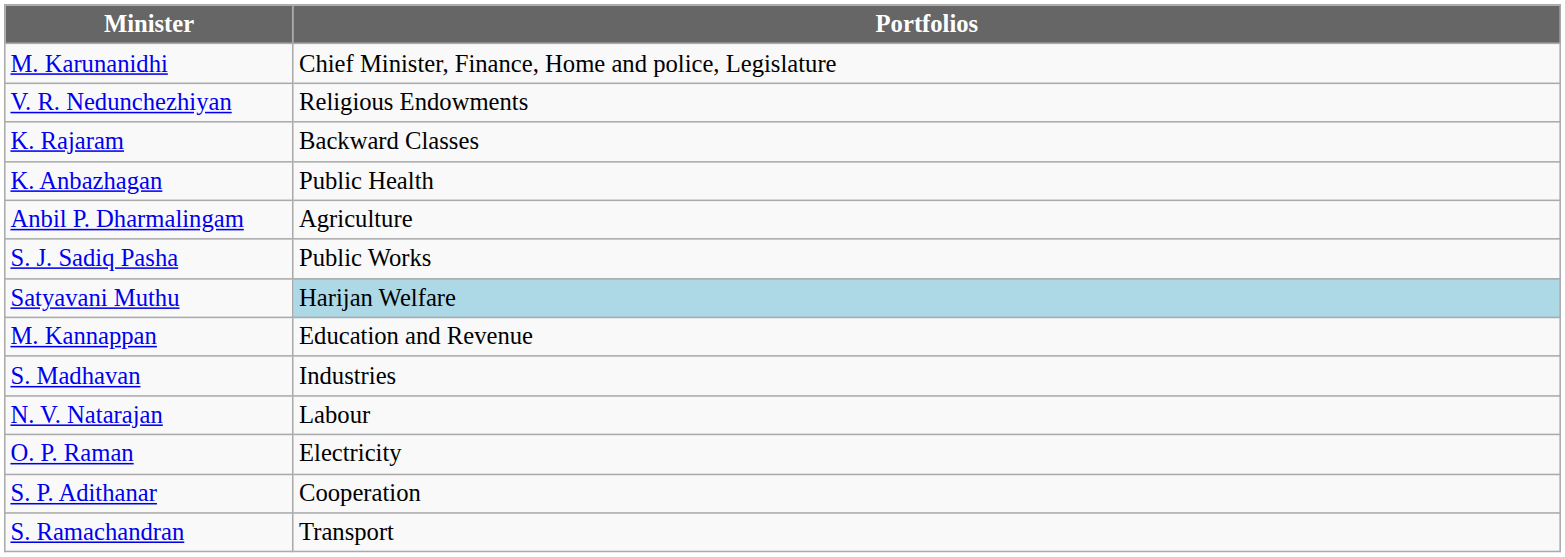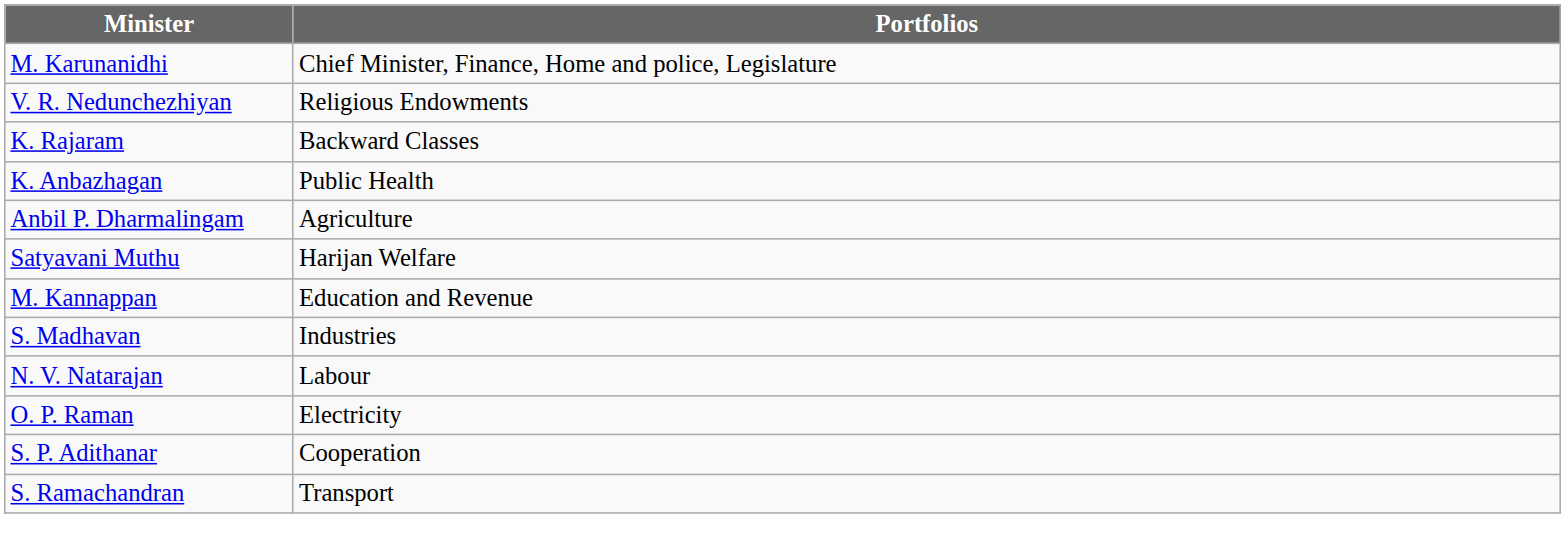 <table class="wikitable" width="80%" style="font-size: x-big; font-family: verdana">
 <tr>
 <th style="background-color:#666666; color:white; width:180px">Minister</th>
 <th style="background-color:#666666; color:white">Portfolios</th>
 </tr>
 <tr -->
 <td><a href='#'>M. Karunanidhi</a></td>
 <td>Chief Minister, Finance, Home and police, Legislature</td>
 </tr>
 <tr -->
 <td><a href='#'>V. R. Nedunchezhiyan</a></td>
 <td>Religious Endowments</td>
 </tr>
 <tr -->
 <td><a href='#'>K. Rajaram</a></td>
 <td>Backward Classes</td>
 </tr>
 <tr -->
 <td><a href='#'>K. Anbazhagan</a></td>
 <td>Public Health</td>
 </tr>
 <tr -->
 <td><a href='#'>Anbil P. Dharmalingam</a></td>
 <td>Agriculture</td>
 </tr>
 <tr -->
-<td><a href='#'>S. J. Sadiq Pasha</a></td>
-<td>Public Works</td>
-</tr>
-<tr -->
 <td><a href='#'>Satyavani Muthu</a></td>
-<td style="background: lightblue;">Harijan Welfare</td>
+<td>Harijan Welfare</td>
 </tr>
 <tr -->
 <td><a href='#'>M. Kannappan</a></td>
 <td>Education and Revenue</td>
 </tr>
 <tr -->
 <td><a href='#'>S. Madhavan</a></td>
 <td>Industries</td>
 </tr>
 <tr -->
 <td><a href='#'>N. V. Natarajan</a></td>
 <td>Labour</td>
 </tr>
 <tr -->
 <td><a href='#'>O. P. Raman</a></td>
 <td>Electricity</td>
 </tr>
 <tr -->
 <td><a href='#'>S. P. Adithanar</a></td>
 <td>Cooperation</td>
 </tr>
 <tr -->
 <td><a href='#'>S. Ramachandran</a></td>
 <td>Transport</td>
 </tr>
 </table>
